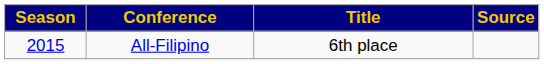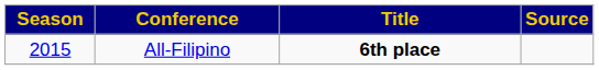 <table class="wikitable">
 <tr>
 <th width=70px style="background:navy; color:#EFCC00">Season</th>
 <th width=150px style="background:navy; color:#EFCC00">Conference</th>
 <th width=200px style="background:navy; color:#EFCC00">Title</th>
 <th width=50px style="background:navy; color:#EFCC00">Source</th>
 </tr>
 <tr align="center">
 <td><a href='#'>2015</a></td>
 <td><a href='#'>All-Filipino</a></td>
-<td>6th place</td>
+<td><strong>6th place</strong></td>
 <td></td>
 </tr>
 <tr>
 </tr>
 </table>
